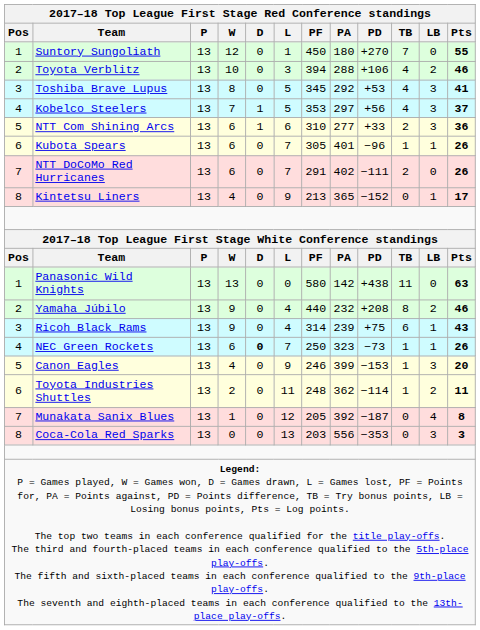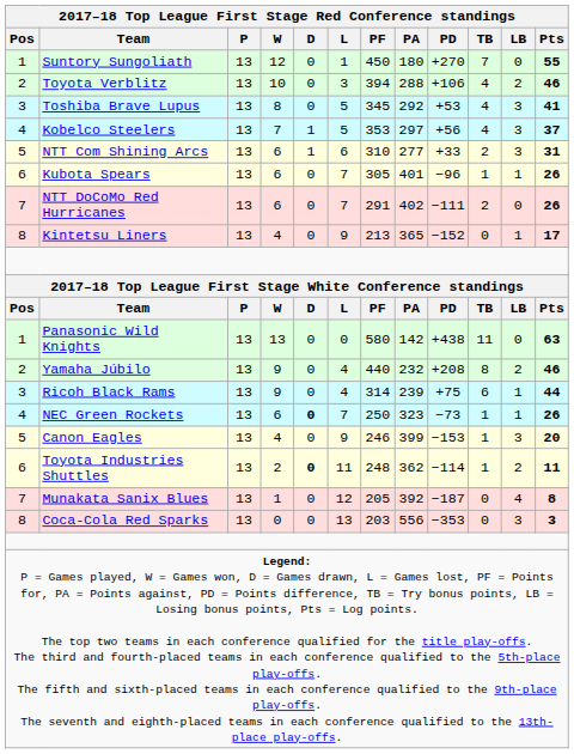 <table class="wikitable" style="text-align:center; font-size:100%; width:60%;">
 <tr>
 <th colspan="100%" cellpadding="0" cellspacing="0"><strong>2017–18 Top League First Stage Red Conference standings</strong></th>
 </tr>
 <tr>
 <th style="width:6%;">Pos</th>
 <th style="width:34%;">Team</th>
 <th style="width:6%;">P</th>
 <th style="width:6%;">W</th>
 <th style="width:6%;">D</th>
 <th style="width:6%;">L</th>
 <th style="width:6%;">PF</th>
 <th style="width:6%;">PA</th>
 <th style="width:6%;">PD</th>
 <th style="width:6%;">TB</th>
 <th style="width:6%;">LB</th>
 <th style="width:6%;">Pts<br></th>
 </tr>
 <tr style="background:#DDFFDD;">
 <td>1</td>
 <td style="text-align:left;"><a href='#'>Suntory Sungoliath</a></td>
 <td>13</td>
 <td>12</td>
 <td>0</td>
 <td>1</td>
 <td>450</td>
 <td>180</td>
 <td>+270</td>
 <td>7</td>
 <td>0</td>
 <td><strong>55</strong></td>
 </tr>
 <tr style="background:#DDFFDD;">
 <td>2</td>
 <td style="text-align:left;"><a href='#'>Toyota Verblitz</a></td>
 <td>13</td>
 <td>10</td>
 <td>0</td>
 <td>3</td>
 <td>394</td>
 <td>288</td>
 <td>+106</td>
 <td>4</td>
 <td>2</td>
 <td><strong>46</strong></td>
 </tr>
 <tr style="background:#CFFCFF;">
 <td>3</td>
 <td style="text-align:left;"><a href='#'>Toshiba Brave Lupus</a></td>
 <td>13</td>
 <td>8</td>
 <td>0</td>
 <td>5</td>
 <td>345</td>
 <td>292</td>
 <td>+53</td>
 <td>4</td>
 <td>3</td>
 <td><strong>41</strong></td>
 </tr>
 <tr style="background:#CFFCFF;">
 <td>4</td>
 <td style="text-align:left;"><a href='#'>Kobelco Steelers</a></td>
 <td>13</td>
 <td>7</td>
 <td>1</td>
 <td>5</td>
 <td>353</td>
 <td>297</td>
 <td>+56</td>
 <td>4</td>
 <td>3</td>
 <td><strong>37</strong></td>
 </tr>
 <tr style="background:#FFFFDD;">
 <td>5</td>
 <td style="text-align:left;"><a href='#'>NTT Com Shining Arcs</a></td>
 <td>13</td>
 <td>6</td>
 <td>1</td>
 <td>6</td>
 <td>310</td>
 <td>277</td>
 <td>+33</td>
 <td>2</td>
 <td>3</td>
-<td><strong>36</strong></td>
+<td><strong>31</strong></td>
 </tr>
 <tr style="background:#FFFFDD;">
 <td>6</td>
 <td style="text-align:left;"><a href='#'>Kubota Spears</a></td>
 <td>13</td>
 <td>6</td>
 <td>0</td>
 <td>7</td>
 <td>305</td>
 <td>401</td>
 <td>−96</td>
 <td>1</td>
 <td>1</td>
 <td><strong>26</strong></td>
 </tr>
 <tr style="background:#FFDDDD;">
 <td>7</td>
 <td style="text-align:left;"><a href='#'>NTT DoCoMo Red Hurricanes</a></td>
 <td>13</td>
 <td>6</td>
 <td>0</td>
 <td>7</td>
 <td>291</td>
 <td>402</td>
 <td>−111</td>
 <td>2</td>
 <td>0</td>
 <td><strong>26</strong></td>
 </tr>
 <tr style="background:#FFDDDD;">
 <td>8</td>
 <td style="text-align:left;"><a href='#'>Kintetsu Liners</a></td>
 <td>13</td>
 <td>4</td>
 <td>0</td>
 <td>9</td>
 <td>213</td>
 <td>365</td>
 <td>−152</td>
 <td>0</td>
 <td>1</td>
 <td><strong>17</strong></td>
 </tr>
 <tr>
 <td colspan="100%" style="height:20px;"></td>
 </tr>
 <tr>
 <th colspan="100%" cellpadding="0" cellspacing="0"><strong>2017–18 Top League First Stage White Conference standings</strong></th>
 </tr>
 <tr>
 <th style="width:6%;">Pos</th>
 <th style="width:34%;">Team</th>
 <th style="width:6%;">P</th>
 <th style="width:6%;">W</th>
 <th style="width:6%;">D</th>
 <th style="width:6%;">L</th>
 <th style="width:6%;">PF</th>
 <th style="width:6%;">PA</th>
 <th style="width:6%;">PD</th>
 <th style="width:6%;">TB</th>
 <th style="width:6%;">LB</th>
 <th style="width:6%;">Pts<br></th>
 </tr>
 <tr style="background:#DDFFDD;">
 <td>1</td>
 <td style="text-align:left;"><a href='#'>Panasonic Wild Knights</a></td>
 <td>13</td>
 <td>13</td>
 <td>0</td>
 <td>0</td>
 <td>580</td>
 <td>142</td>
 <td>+438</td>
 <td>11</td>
 <td>0</td>
 <td><strong>63</strong></td>
 </tr>
 <tr style="background:#DDFFDD;">
 <td>2</td>
 <td style="text-align:left;"><a href='#'>Yamaha Júbilo</a></td>
 <td>13</td>
 <td>9</td>
 <td>0</td>
 <td>4</td>
 <td>440</td>
 <td>232</td>
 <td>+208</td>
 <td>8</td>
 <td>2</td>
 <td><strong>46</strong></td>
 </tr>
 <tr style="background:#CFFCFF;">
 <td>3</td>
 <td style="text-align:left;"><a href='#'>Ricoh Black Rams</a></td>
 <td>13</td>
 <td>9</td>
 <td>0</td>
 <td>4</td>
 <td>314</td>
 <td>239</td>
 <td>+75</td>
 <td>6</td>
 <td>1</td>
-<td><strong>43</strong></td>
+<td><strong>44</strong></td>
 </tr>
 <tr style="background:#CFFCFF;">
 <td>4</td>
 <td style="text-align:left;"><a href='#'>NEC Green Rockets</a></td>
 <td>13</td>
 <td>6</td>
 <td><strong>0</strong></td>
 <td>7</td>
 <td>250</td>
 <td>323</td>
 <td>−73</td>
 <td>1</td>
 <td>1</td>
 <td><strong>26</strong></td>
 </tr>
 <tr style="background:#FFFFDD;">
 <td>5</td>
 <td style="text-align:left;"><a href='#'>Canon Eagles</a></td>
 <td>13</td>
 <td>4</td>
 <td>0</td>
 <td>9</td>
 <td>246</td>
 <td>399</td>
 <td>−153</td>
 <td>1</td>
 <td>3</td>
 <td><strong>20</strong></td>
 </tr>
 <tr style="background:#FFFFDD;">
 <td>6</td>
 <td style="text-align:left;"><a href='#'>Toyota Industries Shuttles</a></td>
 <td>13</td>
 <td>2</td>
-<td>0</td>
+<td><strong>0</strong></td>
 <td>11</td>
 <td>248</td>
 <td>362</td>
 <td>−114</td>
 <td>1</td>
 <td>2</td>
 <td><strong>11</strong></td>
 </tr>
 <tr style="background:#FFDDDD;">
 <td>7</td>
 <td style="text-align:left;"><a href='#'>Munakata Sanix Blues</a></td>
 <td>13</td>
 <td>1</td>
 <td>0</td>
 <td>12</td>
 <td>205</td>
 <td>392</td>
 <td>−187</td>
 <td>0</td>
 <td>4</td>
 <td><strong>8</strong></td>
 </tr>
 <tr style="background:#FFDDDD;">
 <td>8</td>
 <td style="text-align:left;"><a href='#'>Coca-Cola Red Sparks</a></td>
 <td>13</td>
 <td>0</td>
 <td>0</td>
 <td>13</td>
 <td>203</td>
 <td>556</td>
 <td>−353</td>
 <td>0</td>
 <td>3</td>
 <td><strong>3</strong></td>
 </tr>
 <tr>
 <td colspan="100%" style="height:10px;"></td>
 </tr>
 <tr>
 <td colspan="100%"><small><strong>Legend:</strong> <br> P = Games played, W = Games won, D = Games drawn, L = Games lost, PF = Points for, PA = Points against, PD = Points difference, TB = Try bonus points, LB = Losing bonus points, Pts = Log points. <br> <br> <span>The top two teams in each conference</span> qualified for the <a href='#'>title play-offs</a>. <br> <span>The third and fourth-placed teams in each conference</span> qualified to the <a href='#'>5th-place play-offs</a>. <br> <span>The fifth and sixth-placed teams in each conference</span> qualified to the <a href='#'>9th-place play-offs</a>. <br> <span>The seventh and eighth-placed teams in each conference</span> qualified to the <a href='#'>13th-place play-offs</a>.</small></td>
 </tr>
 </table>
